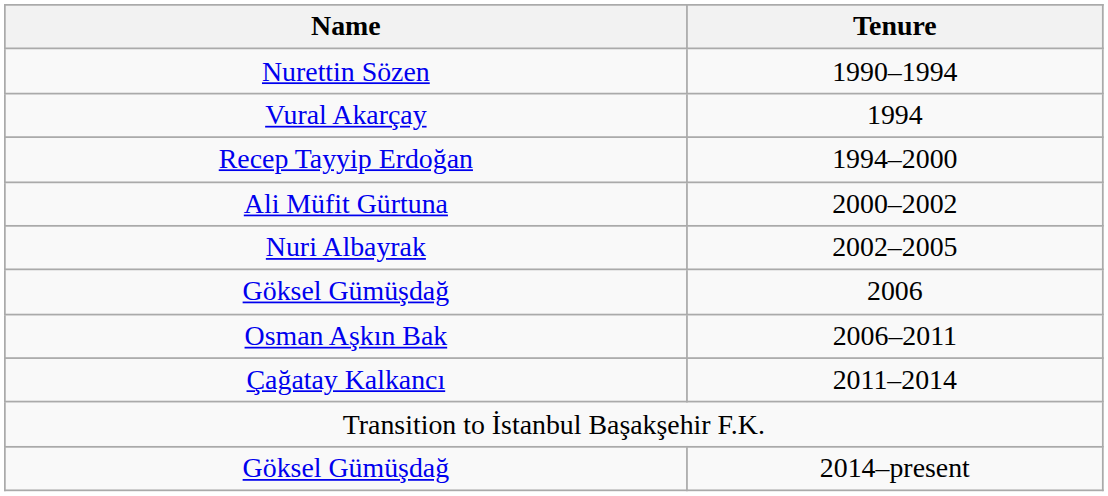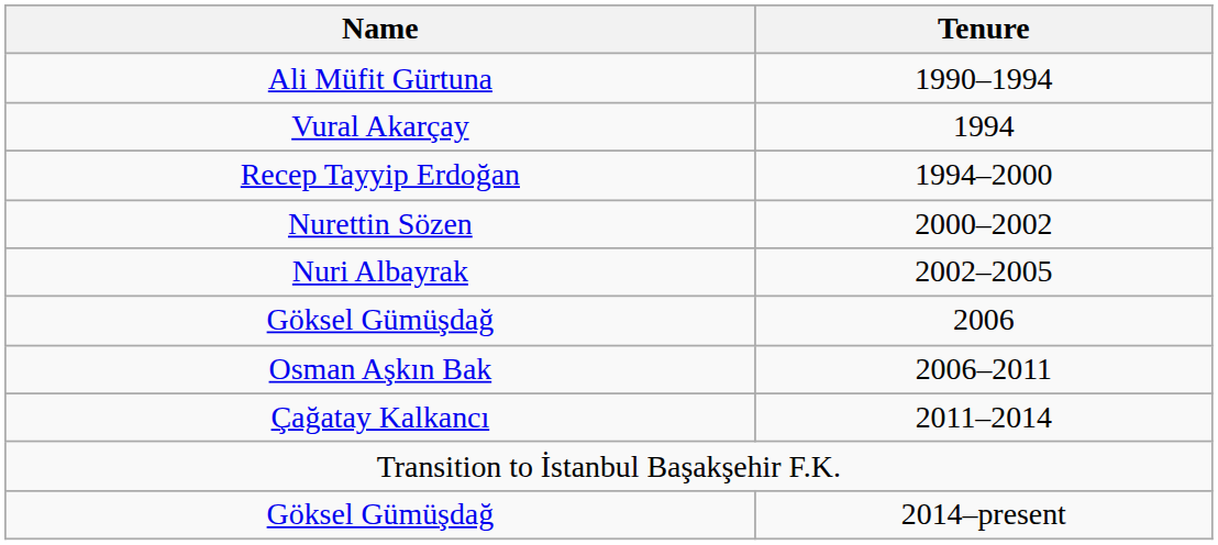 <table class="wikitable" style="text-align:center; width:50%;">
 <tr>
 <th>Name</th>
 <th>Tenure</th>
 </tr>
 <tr>
-<td><a href='#'>Nurettin Sözen</a></td>
+<td><a href='#'>Ali Müfit Gürtuna</a></td>
 <td>1990–1994</td>
 </tr>
 <tr>
 <td><a href='#'>Vural Akarçay</a></td>
 <td>1994</td>
 </tr>
 <tr>
 <td><a href='#'>Recep Tayyip Erdoğan</a></td>
 <td>1994–2000</td>
 </tr>
 <tr>
-<td><a href='#'>Ali Müfit Gürtuna</a></td>
+<td><a href='#'>Nurettin Sözen</a></td>
 <td>2000–2002</td>
 </tr>
 <tr>
 <td><a href='#'>Nuri Albayrak</a></td>
 <td>2002–2005</td>
 </tr>
 <tr>
 <td><a href='#'>Göksel Gümüşdağ</a></td>
 <td>2006</td>
 </tr>
 <tr>
 <td><a href='#'>Osman Aşkın Bak</a></td>
 <td>2006–2011</td>
 </tr>
 <tr>
 <td><a href='#'>Çağatay Kalkancı</a></td>
 <td>2011–2014</td>
 </tr>
 <tr>
 <td colspan="2" style="text-align:center;">Transition to İstanbul Başakşehir F.K.</td>
 </tr>
 <tr>
 <td><a href='#'>Göksel Gümüşdağ</a></td>
 <td>2014–present</td>
 </tr>
 </table>
